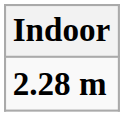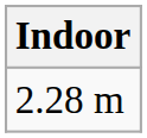 <table class="wikitable" border="1" align="upright">
 <tr>
 <th>Indoor</th>
 </tr>
 <tr>
-<td><strong>2.28 m</strong></td>
+<td>2.28 m</td>
 </tr>
 </table>
